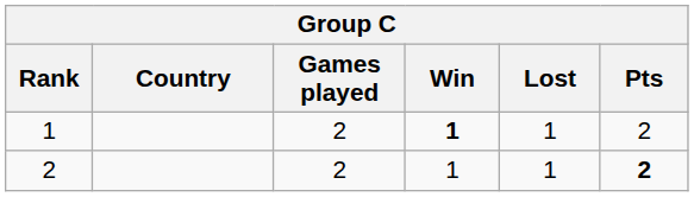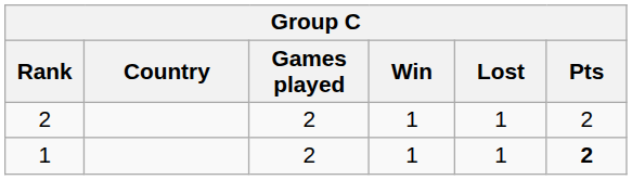 <table class="wikitable" style= "text-align: center; Width:50%">
 <tr>
 <th colspan= 6>Group C</th>
 </tr>
 <tr>
 <th width=2%>Rank</th>
 <th width=10%>Country</th>
 <th width=5%>Games <br> played</th>
 <th width=5%>Win</th>
 <th width=5%>Lost</th>
 <th width=5%>Pts</th>
 </tr>
 <tr>
-<td>1</td>
+<td>2</td>
 <td style= "text-align: left"></td>
 <td>2</td>
-<td><strong>1</strong></td>
+<td>1</td>
 <td>1</td>
 <td>2</td>
 </tr>
 <tr>
-<td>2</td>
+<td>1</td>
 <td style= "text-align: left"></td>
 <td>2</td>
 <td>1</td>
 <td>1</td>
 <td><strong>2</strong></td>
 </tr>
 </table>
